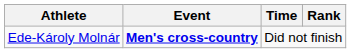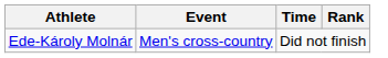 <table class=wikitable style=font-size:90%;text-align:center>
 <tr>
 <th>Athlete</th>
 <th>Event</th>
 <th>Time</th>
 <th>Rank</th>
 </tr>
 <tr align=center>
 <td align=left><a href='#'>Ede-Károly Molnár</a></td>
-<td align=left><strong><a href='#'>Men's cross-country</a></strong></td>
+<td align=left><a href='#'>Men's cross-country</a></td>
 <td colspan=2>Did not finish</td>
 </tr>
 </table>
